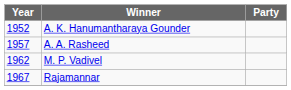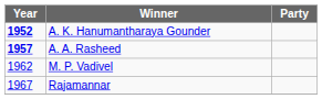 <table class="wikitable" width="50%">
 <tr>
 <th style="background-color:#666666; color:white">Year</th>
 <th style="background-color:#666666; color:white">Winner</th>
 <th style="background-color:#666666; color:white" colspan="2">Party</th>
 </tr>
 <tr>
-<td><a href='#'>1952</a></td>
+<td><strong><a href='#'>1952</a></strong></td>
 <td><a href='#'>A. K. Hanumantharaya Gounder</a></td>
 <td></td>
 </tr>
 <tr>
-<td><a href='#'>1957</a></td>
+<td><strong><a href='#'>1957</a></strong></td>
 <td><a href='#'>A. A. Rasheed</a></td>
 <td></td>
 </tr>
 <tr>
 <td><a href='#'>1962</a></td>
 <td><a href='#'>M. P. Vadivel</a></td>
 <td></td>
 </tr>
 <tr>
 <td><a href='#'>1967</a></td>
 <td><a href='#'>Rajamannar</a></td>
 <td></td>
 </tr>
 <tr>
 </tr>
 </table>
